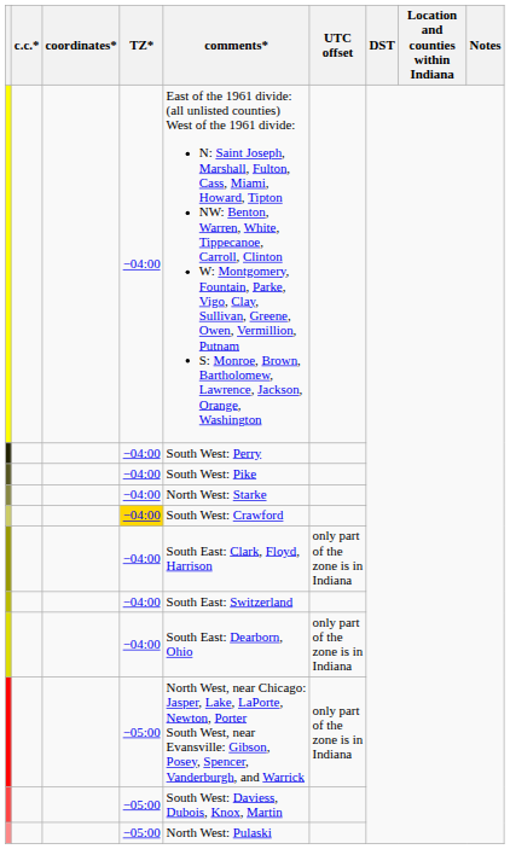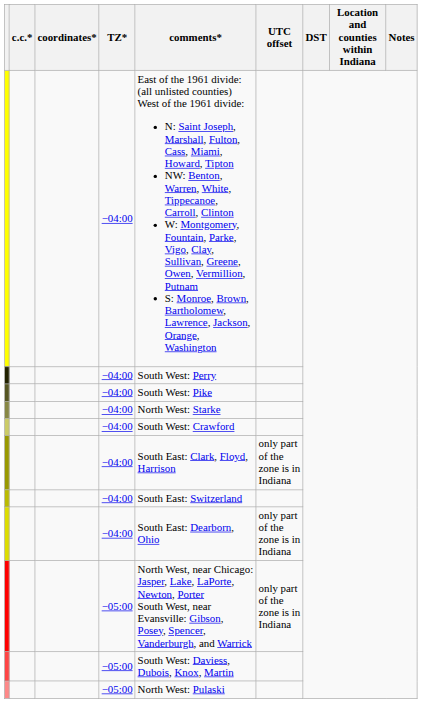 <table class="wikitable sortable">
 <tr>
 <th colspan=2></th>
 <th>c.c.*</th>
 <th>coordinates*</th>
 <th>TZ*</th>
 <th>comments*</th>
 <th>UTC offset</th>
 <th>DST</th>
 <th>Location and counties within Indiana</th>
 <th>Notes</th>
 </tr>
 <tr --->
 <td colspan=2 style="background:#ffff00;"></td>
 <td></td>
 <td></td>
 <td><a href='#'>−04:00</a></td>
 <td>East of the 1961 divide: (all unlisted counties) <br> West of the 1961 divide:<br><ul><li>N: <a href='#'>Saint Joseph</a>, <a href='#'>Marshall</a>, <a href='#'>Fulton</a>, <a href='#'>Cass</a>, <a href='#'>Miami</a>, <a href='#'>Howard</a>, <a href='#'>Tipton</a></li><li>NW: <a href='#'>Benton</a>, <a href='#'>Warren</a>, <a href='#'>White</a>, <a href='#'>Tippecanoe</a>, <a href='#'>Carroll</a>, <a href='#'>Clinton</a></li><li>W: <a href='#'>Montgomery</a>, <a href='#'>Fountain</a>, <a href='#'>Parke</a>, <a href='#'>Vigo</a>, <a href='#'>Clay</a>, <a href='#'>Sullivan</a>, <a href='#'>Greene</a>, <a href='#'>Owen</a>, <a href='#'>Vermillion</a>, <a href='#'>Putnam</a></li><li>S: <a href='#'>Monroe</a>, <a href='#'>Brown</a>, <a href='#'>Bartholomew</a>, <a href='#'>Lawrence</a>, <a href='#'>Jackson</a>, <a href='#'>Orange</a>, <a href='#'>Washington</a></li></ul></td>
 <td></td>
 </tr>
 <tr --->
 <td colspan=2 style="background:#222200;"></td>
 <td></td>
 <td></td>
 <td><a href='#'>−04:00</a></td>
 <td>South West: <a href='#'>Perry</a></td>
 <td></td>
 </tr>
 <tr --->
 <td colspan=2 style="background:#555522;"></td>
 <td></td>
 <td></td>
 <td><a href='#'>−04:00</a></td>
 <td>South West: <a href='#'>Pike</a></td>
 <td></td>
 </tr>
 <tr --->
 <td colspan=2 style="background:#888844;"></td>
 <td></td>
 <td></td>
 <td><a href='#'>−04:00</a></td>
 <td>North West: <a href='#'>Starke</a></td>
 <td></td>
 </tr>
 <tr --->
 <td colspan=2 style="background:#cccc66;"></td>
 <td></td>
 <td></td>
-<td style="background: gold;"><a href='#'>−04:00</a></td>
+<td><a href='#'>−04:00</a></td>
 <td>South West: <a href='#'>Crawford</a></td>
 <td></td>
 </tr>
 <tr --->
 <td colspan=2 style="background:#999900;"></td>
 <td></td>
 <td></td>
 <td><a href='#'>−04:00</a></td>
 <td>South East: <a href='#'>Clark</a>, <a href='#'>Floyd</a>, <a href='#'>Harrison</a></td>
 <td>only part of the zone is in Indiana</td>
 </tr>
 <tr --->
 <td colspan=2 style="background:#bbbb00;"></td>
 <td></td>
 <td></td>
 <td><a href='#'>−04:00</a></td>
 <td>South East: <a href='#'>Switzerland</a></td>
 <td></td>
 </tr>
 <tr --->
 <td colspan=2 style="background:#dddd00;"></td>
 <td></td>
 <td></td>
 <td><a href='#'>−04:00</a></td>
 <td>South East: <a href='#'>Dearborn</a>, <a href='#'>Ohio</a></td>
 <td>only part of the zone is in Indiana</td>
 </tr>
 <tr --->
 <td colspan=2 style="background:#ff0000;"></td>
 <td></td>
 <td></td>
 <td><a href='#'>−05:00</a></td>
 <td>North West, near Chicago: <a href='#'>Jasper</a>, <a href='#'>Lake</a>, <a href='#'>LaPorte</a>, <a href='#'>Newton</a>, <a href='#'>Porter</a><br>South West, near Evansville: <a href='#'>Gibson</a>, <a href='#'>Posey</a>, <a href='#'>Spencer</a>, <a href='#'>Vanderburgh</a>, and <a href='#'>Warrick</a></td>
 <td>only part of the zone is in Indiana</td>
 </tr>
 <tr --->
 <td colspan=2 style="background:#ff4444;"></td>
 <td></td>
 <td></td>
 <td><a href='#'>−05:00</a></td>
 <td>South West: <a href='#'>Daviess</a>, <a href='#'>Dubois</a>, <a href='#'>Knox</a>, <a href='#'>Martin</a></td>
 <td></td>
 </tr>
 <tr --->
 <td colspan=2 style="background:#ff8888;"></td>
 <td></td>
 <td></td>
 <td><a href='#'>−05:00</a></td>
 <td>North West: <a href='#'>Pulaski</a></td>
 <td></td>
 </tr>
 </table>
